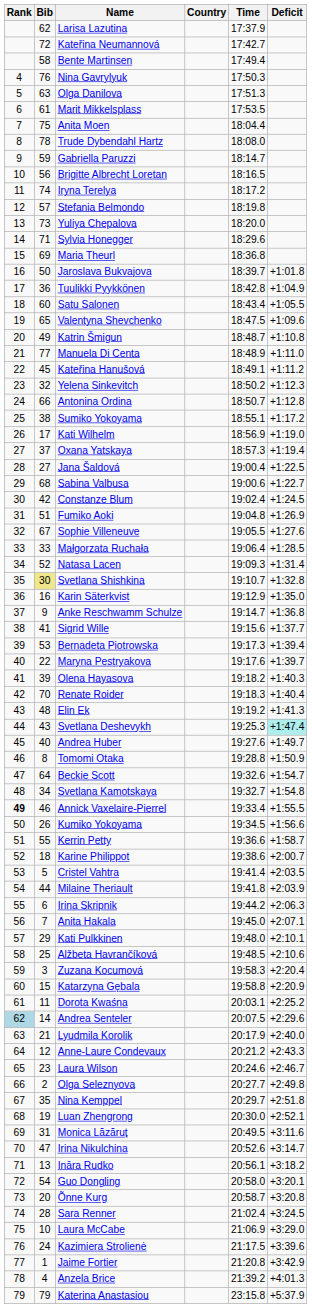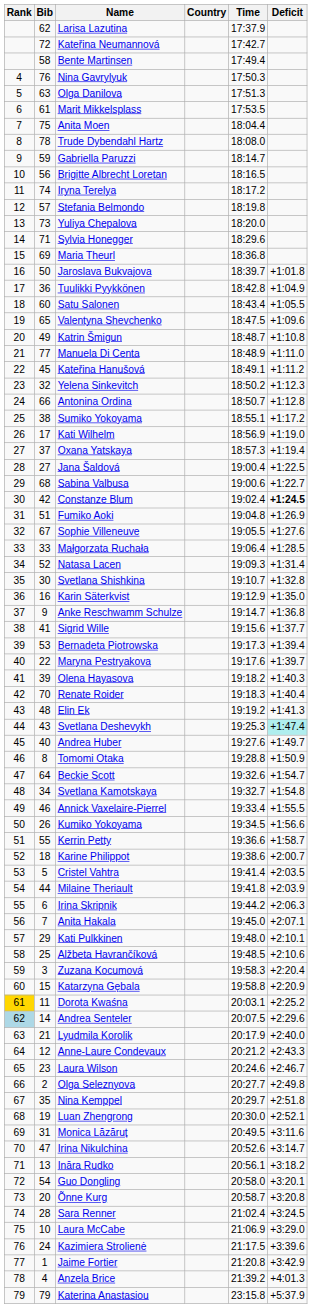 <table class="wikitable sortable" style="text-align:center">
 <tr>
 <th>Rank</th>
 <th>Bib</th>
 <th>Name</th>
 <th>Country</th>
 <th>Time</th>
 <th>Deficit</th>
 </tr>
 <tr>
 <td></td>
 <td>62</td>
 <td align=left><a href='#'>Larisa Lazutina</a></td>
 <td align=left></td>
 <td>17:37.9</td>
 <td></td>
 </tr>
 <tr>
 <td></td>
 <td>72</td>
 <td align=left><a href='#'>Kateřina Neumannová</a></td>
 <td align=left></td>
 <td>17:42.7</td>
 <td></td>
 </tr>
 <tr>
 <td></td>
 <td>58</td>
 <td align=left><a href='#'>Bente Martinsen</a></td>
 <td align=left></td>
 <td>17:49.4</td>
 <td></td>
 </tr>
 <tr>
 <td>4</td>
 <td>76</td>
 <td align=left><a href='#'>Nina Gavrylyuk</a></td>
 <td align=left></td>
 <td>17:50.3</td>
 <td></td>
 </tr>
 <tr>
 <td>5</td>
 <td>63</td>
 <td align=left><a href='#'>Olga Danilova</a></td>
 <td align=left></td>
 <td>17:51.3</td>
 <td></td>
 </tr>
 <tr>
 <td>6</td>
 <td>61</td>
 <td align=left><a href='#'>Marit Mikkelsplass</a></td>
 <td align=left></td>
 <td>17:53.5</td>
 <td></td>
 </tr>
 <tr>
 <td>7</td>
 <td>75</td>
 <td align=left><a href='#'>Anita Moen</a></td>
 <td align=left></td>
 <td>18:04.4</td>
 <td></td>
 </tr>
 <tr>
 <td>8</td>
 <td>78</td>
 <td align=left><a href='#'>Trude Dybendahl Hartz</a></td>
 <td align=left></td>
 <td>18:08.0</td>
 <td></td>
 </tr>
 <tr>
 <td>9</td>
 <td>59</td>
 <td align=left><a href='#'>Gabriella Paruzzi</a></td>
 <td align=left></td>
 <td>18:14.7</td>
 <td></td>
 </tr>
 <tr>
 <td>10</td>
 <td>56</td>
 <td align=left><a href='#'>Brigitte Albrecht Loretan</a></td>
 <td align=left></td>
 <td>18:16.5</td>
 <td></td>
 </tr>
 <tr>
 <td>11</td>
 <td>74</td>
 <td align=left><a href='#'>Iryna Terelya</a></td>
 <td align=left></td>
 <td>18:17.2</td>
 <td></td>
 </tr>
 <tr>
 <td>12</td>
 <td>57</td>
 <td align=left><a href='#'>Stefania Belmondo</a></td>
 <td align=left></td>
 <td>18:19.8</td>
 <td></td>
 </tr>
 <tr>
 <td>13</td>
 <td>73</td>
 <td align=left><a href='#'>Yuliya Chepalova</a></td>
 <td align=left></td>
 <td>18:20.0</td>
 <td></td>
 </tr>
 <tr>
 <td>14</td>
 <td>71</td>
 <td align=left><a href='#'>Sylvia Honegger</a></td>
 <td align=left></td>
 <td>18:29.6</td>
 <td></td>
 </tr>
 <tr>
 <td>15</td>
 <td>69</td>
 <td align=left><a href='#'>Maria Theurl</a></td>
 <td align=left></td>
 <td>18:36.8</td>
 <td></td>
 </tr>
 <tr>
 <td>16</td>
 <td>50</td>
 <td align=left><a href='#'>Jaroslava Bukvajova</a></td>
 <td align=left></td>
 <td>18:39.7</td>
 <td>+1:01.8</td>
 </tr>
 <tr>
 <td>17</td>
 <td>36</td>
 <td align=left><a href='#'>Tuulikki Pyykkönen</a></td>
 <td align=left></td>
 <td>18:42.8</td>
 <td>+1:04.9</td>
 </tr>
 <tr>
 <td>18</td>
 <td>60</td>
 <td align=left><a href='#'>Satu Salonen</a></td>
 <td align=left></td>
 <td>18:43.4</td>
 <td>+1:05.5</td>
 </tr>
 <tr>
 <td>19</td>
 <td>65</td>
 <td align=left><a href='#'>Valentyna Shevchenko</a></td>
 <td align=left></td>
 <td>18:47.5</td>
 <td>+1:09.6</td>
 </tr>
 <tr>
 <td>20</td>
 <td>49</td>
 <td align=left><a href='#'>Katrin Šmigun</a></td>
 <td align=left></td>
 <td>18:48.7</td>
 <td>+1:10.8</td>
 </tr>
 <tr>
 <td>21</td>
 <td>77</td>
 <td align=left><a href='#'>Manuela Di Centa</a></td>
 <td align=left></td>
 <td>18:48.9</td>
 <td>+1:11.0</td>
 </tr>
 <tr>
 <td>22</td>
 <td>45</td>
 <td align=left><a href='#'>Kateřina Hanušová</a></td>
 <td align=left></td>
 <td>18:49.1</td>
 <td>+1:11.2</td>
 </tr>
 <tr>
 <td>23</td>
 <td>32</td>
 <td align=left><a href='#'>Yelena Sinkevitch</a></td>
 <td align=left></td>
 <td>18:50.2</td>
 <td>+1:12.3</td>
 </tr>
 <tr>
 <td>24</td>
 <td>66</td>
 <td align=left><a href='#'>Antonina Ordina</a></td>
 <td align=left></td>
 <td>18:50.7</td>
 <td>+1:12.8</td>
 </tr>
 <tr>
 <td>25</td>
 <td>38</td>
 <td align=left><a href='#'>Sumiko Yokoyama</a></td>
 <td align=left></td>
 <td>18:55.1</td>
 <td>+1:17.2</td>
 </tr>
 <tr>
 <td>26</td>
 <td>17</td>
 <td align=left><a href='#'>Kati Wilhelm</a></td>
 <td align=left></td>
 <td>18:56.9</td>
 <td>+1:19.0</td>
 </tr>
 <tr>
 <td>27</td>
 <td>37</td>
 <td align=left><a href='#'>Oxana Yatskaya</a></td>
 <td align=left></td>
 <td>18:57.3</td>
 <td>+1:19.4</td>
 </tr>
 <tr>
 <td>28</td>
 <td>27</td>
 <td align=left><a href='#'>Jana Šaldová</a></td>
 <td align=left></td>
 <td>19:00.4</td>
 <td>+1:22.5</td>
 </tr>
 <tr>
 <td>29</td>
 <td>68</td>
 <td align=left><a href='#'>Sabina Valbusa</a></td>
 <td align=left></td>
 <td>19:00.6</td>
 <td>+1:22.7</td>
 </tr>
 <tr>
 <td>30</td>
 <td>42</td>
 <td align=left><a href='#'>Constanze Blum</a></td>
 <td align=left></td>
 <td>19:02.4</td>
-<td>+1:24.5</td>
+<td><strong>+1:24.5</strong></td>
 </tr>
 <tr>
 <td>31</td>
 <td>51</td>
 <td align=left><a href='#'>Fumiko Aoki</a></td>
 <td align=left></td>
 <td>19:04.8</td>
 <td>+1:26.9</td>
 </tr>
 <tr>
 <td>32</td>
 <td>67</td>
 <td align=left><a href='#'>Sophie Villeneuve</a></td>
 <td align=left></td>
 <td>19:05.5</td>
 <td>+1:27.6</td>
 </tr>
 <tr>
 <td>33</td>
 <td>33</td>
 <td align=left><a href='#'>Małgorzata Ruchała</a></td>
 <td align=left></td>
 <td>19:06.4</td>
 <td>+1:28.5</td>
 </tr>
 <tr>
 <td>34</td>
 <td>52</td>
 <td align=left><a href='#'>Natasa Lacen</a></td>
 <td align=left></td>
 <td>19:09.3</td>
 <td>+1:31.4</td>
 </tr>
 <tr>
 <td>35</td>
-<td style="background: khaki;">30</td>
+<td>30</td>
 <td align=left><a href='#'>Svetlana Shishkina</a></td>
 <td align=left></td>
 <td>19:10.7</td>
 <td>+1:32.8</td>
 </tr>
 <tr>
 <td>36</td>
 <td>16</td>
 <td align=left><a href='#'>Karin Säterkvist</a></td>
 <td align=left></td>
 <td>19:12.9</td>
 <td>+1:35.0</td>
 </tr>
 <tr>
 <td>37</td>
 <td>9</td>
 <td align=left><a href='#'>Anke Reschwamm Schulze</a></td>
 <td align=left></td>
 <td>19:14.7</td>
 <td>+1:36.8</td>
 </tr>
 <tr>
 <td>38</td>
 <td>41</td>
 <td align=left><a href='#'>Sigrid Wille</a></td>
 <td align=left></td>
 <td>19:15.6</td>
 <td>+1:37.7</td>
 </tr>
 <tr>
 <td>39</td>
 <td>53</td>
 <td align=left><a href='#'>Bernadeta Piotrowska</a></td>
 <td align=left></td>
 <td>19:17.3</td>
 <td>+1:39.4</td>
 </tr>
 <tr>
 <td>40</td>
 <td>22</td>
 <td align=left><a href='#'>Maryna Pestryakova</a></td>
 <td align=left></td>
 <td>19:17.6</td>
 <td>+1:39.7</td>
 </tr>
 <tr>
 <td>41</td>
 <td>39</td>
 <td align=left><a href='#'>Olena Hayasova</a></td>
 <td align=left></td>
 <td>19:18.2</td>
 <td>+1:40.3</td>
 </tr>
 <tr>
 <td>42</td>
 <td>70</td>
 <td align=left><a href='#'>Renate Roider</a></td>
 <td align=left></td>
 <td>19:18.3</td>
 <td>+1:40.4</td>
 </tr>
 <tr>
 <td>43</td>
 <td>48</td>
 <td align=left><a href='#'>Elin Ek</a></td>
 <td align=left></td>
 <td>19:19.2</td>
 <td>+1:41.3</td>
 </tr>
 <tr>
 <td>44</td>
 <td>43</td>
 <td align=left><a href='#'>Svetlana Deshevykh</a></td>
 <td align=left></td>
 <td>19:25.3</td>
 <td style="background: paleturquoise;">+1:47.4</td>
 </tr>
 <tr>
 <td>45</td>
 <td>40</td>
 <td align=left><a href='#'>Andrea Huber</a></td>
 <td align=left></td>
 <td>19:27.6</td>
 <td>+1:49.7</td>
 </tr>
 <tr>
 <td>46</td>
 <td>8</td>
 <td align=left><a href='#'>Tomomi Otaka</a></td>
 <td align=left></td>
 <td>19:28.8</td>
 <td>+1:50.9</td>
 </tr>
 <tr>
 <td>47</td>
 <td>64</td>
 <td align=left><a href='#'>Beckie Scott</a></td>
 <td align=left></td>
 <td>19:32.6</td>
 <td>+1:54.7</td>
 </tr>
 <tr>
 <td>48</td>
 <td>34</td>
 <td align=left><a href='#'>Svetlana Kamotskaya</a></td>
 <td align=left></td>
 <td>19:32.7</td>
 <td>+1:54.8</td>
 </tr>
 <tr>
-<td><strong>49</strong></td>
+<td>49</td>
 <td>46</td>
 <td align=left><a href='#'>Annick Vaxelaire-Pierrel</a></td>
 <td align=left></td>
 <td>19:33.4</td>
 <td>+1:55.5</td>
 </tr>
 <tr>
 <td>50</td>
 <td>26</td>
 <td align=left><a href='#'>Kumiko Yokoyama</a></td>
 <td align=left></td>
 <td>19:34.5</td>
 <td>+1:56.6</td>
 </tr>
 <tr>
 <td>51</td>
 <td>55</td>
 <td align=left><a href='#'>Kerrin Petty</a></td>
 <td align=left></td>
 <td>19:36.6</td>
 <td>+1:58.7</td>
 </tr>
 <tr>
 <td>52</td>
 <td>18</td>
 <td align=left><a href='#'>Karine Philippot</a></td>
 <td align=left></td>
 <td>19:38.6</td>
 <td>+2:00.7</td>
 </tr>
 <tr>
 <td>53</td>
 <td>5</td>
 <td align=left><a href='#'>Cristel Vahtra</a></td>
 <td align=left></td>
 <td>19:41.4</td>
 <td>+2:03.5</td>
 </tr>
 <tr>
 <td>54</td>
 <td>44</td>
 <td align=left><a href='#'>Milaine Theriault</a></td>
 <td align=left></td>
 <td>19:41.8</td>
 <td>+2:03.9</td>
 </tr>
 <tr>
 <td>55</td>
 <td>6</td>
 <td align=left><a href='#'>Irina Skripnik</a></td>
 <td align=left></td>
 <td>19:44.2</td>
 <td>+2:06.3</td>
 </tr>
 <tr>
 <td>56</td>
 <td>7</td>
 <td align=left><a href='#'>Anita Hakala</a></td>
 <td align=left></td>
 <td>19:45.0</td>
 <td>+2:07.1</td>
 </tr>
 <tr>
 <td>57</td>
 <td>29</td>
 <td align=left><a href='#'>Kati Pulkkinen</a></td>
 <td align=left></td>
 <td>19:48.0</td>
 <td>+2:10.1</td>
 </tr>
 <tr>
 <td>58</td>
 <td>25</td>
 <td align=left><a href='#'>Alžbeta Havrančíková</a></td>
 <td align=left></td>
 <td>19:48.5</td>
 <td>+2:10.6</td>
 </tr>
 <tr>
 <td>59</td>
 <td>3</td>
 <td align=left><a href='#'>Zuzana Kocumová</a></td>
 <td align=left></td>
 <td>19:58.3</td>
 <td>+2:20.4</td>
 </tr>
 <tr>
 <td>60</td>
 <td>15</td>
 <td align=left><a href='#'>Katarzyna Gębala</a></td>
 <td align=left></td>
 <td>19:58.8</td>
 <td>+2:20.9</td>
 </tr>
 <tr>
-<td>61</td>
+<td style="background: gold;">61</td>
 <td>11</td>
 <td align=left><a href='#'>Dorota Kwaśna</a></td>
 <td align=left></td>
 <td>20:03.1</td>
 <td>+2:25.2</td>
 </tr>
 <tr>
 <td style="background: lightblue;">62</td>
 <td>14</td>
 <td align=left><a href='#'>Andrea Senteler</a></td>
 <td align=left></td>
 <td>20:07.5</td>
 <td>+2:29.6</td>
 </tr>
 <tr>
 <td>63</td>
 <td>21</td>
 <td align=left><a href='#'>Lyudmila Korolik</a></td>
 <td align=left></td>
 <td>20:17.9</td>
 <td>+2:40.0</td>
 </tr>
 <tr>
 <td>64</td>
 <td>12</td>
 <td align=left><a href='#'>Anne-Laure Condevaux</a></td>
 <td align=left></td>
 <td>20:21.2</td>
 <td>+2:43.3</td>
 </tr>
 <tr>
 <td>65</td>
 <td>23</td>
 <td align=left><a href='#'>Laura Wilson</a></td>
 <td align=left></td>
 <td>20:24.6</td>
 <td>+2:46.7</td>
 </tr>
 <tr>
 <td>66</td>
 <td>2</td>
 <td align=left><a href='#'>Olga Seleznyova</a></td>
 <td align=left></td>
 <td>20:27.7</td>
 <td>+2:49.8</td>
 </tr>
 <tr>
 <td>67</td>
 <td>35</td>
 <td align=left><a href='#'>Nina Kemppel</a></td>
 <td align=left></td>
 <td>20:29.7</td>
 <td>+2:51.8</td>
 </tr>
 <tr>
 <td>68</td>
 <td>19</td>
 <td align=left><a href='#'>Luan Zhengrong</a></td>
 <td align=left></td>
 <td>20:30.0</td>
 <td>+2:52.1</td>
 </tr>
 <tr>
 <td>69</td>
 <td>31</td>
 <td align=left><a href='#'>Monica Lăzăruț</a></td>
 <td align=left></td>
 <td>20:49.5</td>
 <td>+3:11.6</td>
 </tr>
 <tr>
 <td>70</td>
 <td>47</td>
 <td align=left><a href='#'>Irina Nikulchina</a></td>
 <td align=left></td>
 <td>20:52.6</td>
 <td>+3:14.7</td>
 </tr>
 <tr>
 <td>71</td>
 <td>13</td>
 <td align=left><a href='#'>Ināra Rudko</a></td>
 <td align=left></td>
 <td>20:56.1</td>
 <td>+3:18.2</td>
 </tr>
 <tr>
 <td>72</td>
 <td>54</td>
 <td align=left><a href='#'>Guo Dongling</a></td>
 <td align=left></td>
 <td>20:58.0</td>
 <td>+3:20.1</td>
 </tr>
 <tr>
 <td>73</td>
 <td>20</td>
 <td align=left><a href='#'>Õnne Kurg</a></td>
 <td align=left></td>
 <td>20:58.7</td>
 <td>+3:20.8</td>
 </tr>
 <tr>
 <td>74</td>
 <td>28</td>
 <td align=left><a href='#'>Sara Renner</a></td>
 <td align=left></td>
 <td>21:02.4</td>
 <td>+3:24.5</td>
 </tr>
 <tr>
 <td>75</td>
 <td>10</td>
 <td align=left><a href='#'>Laura McCabe</a></td>
 <td align=left></td>
 <td>21:06.9</td>
 <td>+3:29.0</td>
 </tr>
 <tr>
 <td>76</td>
 <td>24</td>
 <td align=left><a href='#'>Kazimiera Strolienė</a></td>
 <td align=left></td>
 <td>21:17.5</td>
 <td>+3:39.6</td>
 </tr>
 <tr>
 <td>77</td>
 <td>1</td>
 <td align=left><a href='#'>Jaime Fortier</a></td>
 <td align=left></td>
 <td>21:20.8</td>
 <td>+3:42.9</td>
 </tr>
 <tr>
 <td>78</td>
 <td>4</td>
 <td align=left><a href='#'>Anzela Brice</a></td>
 <td align=left></td>
 <td>21:39.2</td>
 <td>+4:01.3</td>
 </tr>
 <tr>
 <td>79</td>
 <td>79</td>
 <td align=left><a href='#'>Katerina Anastasiou</a></td>
 <td align=left></td>
 <td>23:15.8</td>
 <td>+5:37.9</td>
 </tr>
 </table>
